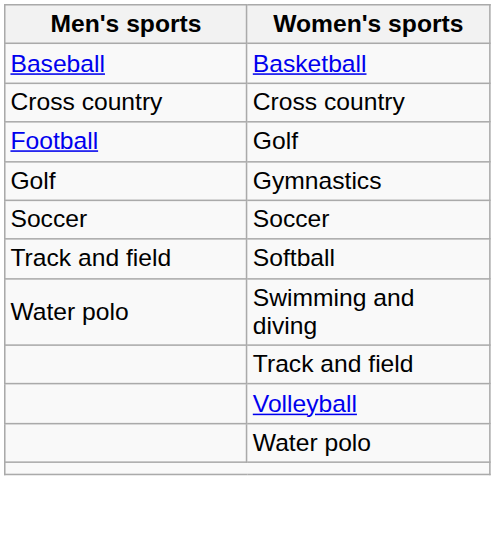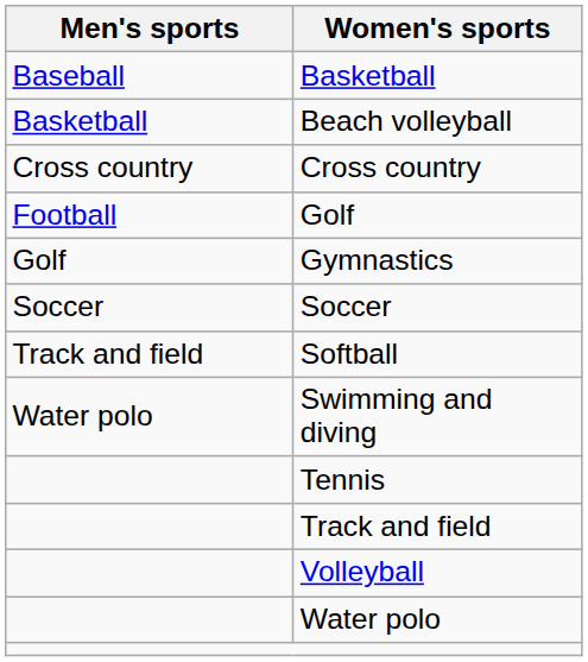 <table class="wikitable" style= " ">
 <tr>
 <th width=150px>Men's sports</th>
 <th width=150px>Women's sports</th>
 </tr>
 <tr>
 <td><a href='#'>Baseball</a></td>
 <td><a href='#'>Basketball</a></td>
+</tr>
+<tr>
+<td><a href='#'>Basketball</a></td>
+<td>Beach volleyball</td>
 </tr>
 <tr>
 <td>Cross country</td>
 <td>Cross country</td>
 </tr>
 <tr>
 <td><a href='#'>Football</a></td>
 <td>Golf</td>
 </tr>
 <tr>
 <td>Golf</td>
 <td>Gymnastics</td>
 </tr>
 <tr>
 <td>Soccer</td>
 <td>Soccer</td>
 </tr>
 <tr>
 <td>Track and field</td>
 <td>Softball</td>
 </tr>
 <tr>
 <td>Water polo</td>
 <td>Swimming and diving</td>
 </tr>
 <tr>
 <td></td>
+<td>Tennis</td>
+</tr>
+<tr>
+<td></td>
 <td>Track and field</td>
 </tr>
 <tr>
 <td></td>
 <td><a href='#'>Volleyball</a></td>
 </tr>
 <tr>
 <td></td>
 <td>Water polo</td>
 </tr>
 <tr>
 <td colspan="2"></td>
 </tr>
 </table>
